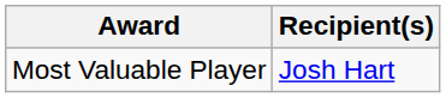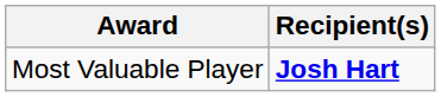 <table class="wikitable">
 <tr>
 <th>Award</th>
 <th>Recipient(s)</th>
 </tr>
 <tr>
 <td>Most Valuable Player</td>
-<td><a href='#'>Josh Hart</a> </td>
+<td><strong><a href='#'>Josh Hart</a> </strong></td>
 </tr>
 </table>
